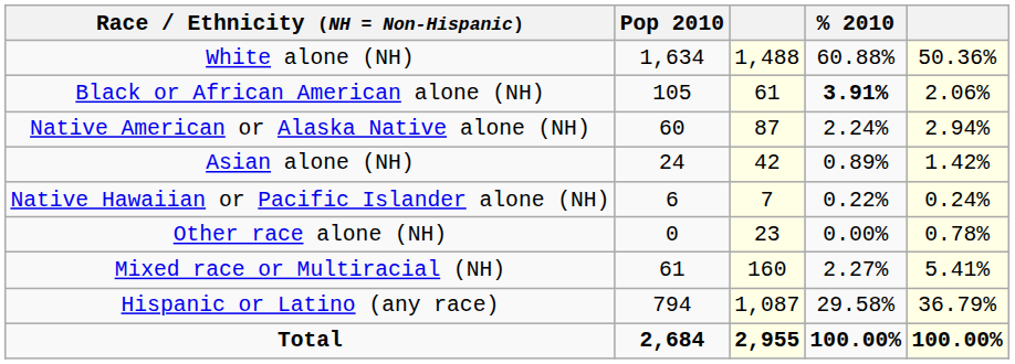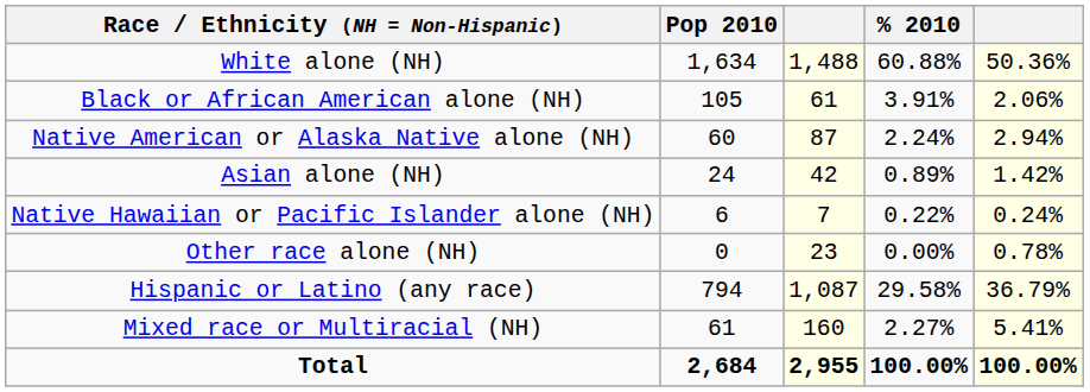 <table class="wikitable" style="text-align:center;">
 <tr>
 <th>Race / Ethnicity <small>(<em>NH = Non-Hispanic</em>)</small></th>
 <th>Pop 2010</th>
 <th></th>
 <th>% 2010</th>
 <th></th>
 </tr>
 <tr>
 <td><a href='#'>White</a> alone (NH)</td>
 <td>1,634</td>
 <td style='background: #ffffe6;'>1,488</td>
 <td>60.88%</td>
 <td style='background: #ffffe6;'>50.36%</td>
 </tr>
 <tr>
 <td><a href='#'>Black or African American</a> alone (NH)</td>
 <td>105</td>
 <td style='background: #ffffe6;'>61</td>
-<td><strong>3.91%</strong></td>
+<td>3.91%</td>
 <td style='background: #ffffe6;'>2.06%</td>
 </tr>
 <tr>
 <td><a href='#'>Native American</a> or <a href='#'>Alaska Native</a> alone (NH)</td>
 <td>60</td>
 <td style='background: #ffffe6;'>87</td>
 <td>2.24%</td>
 <td style='background: #ffffe6;'>2.94%</td>
 </tr>
 <tr>
 <td><a href='#'>Asian</a> alone (NH)</td>
 <td>24</td>
 <td style='background: #ffffe6;'>42</td>
 <td>0.89%</td>
 <td style='background: #ffffe6;'>1.42%</td>
 </tr>
 <tr>
 <td><a href='#'>Native Hawaiian</a> or <a href='#'>Pacific Islander</a> alone (NH)</td>
 <td>6</td>
 <td style='background: #ffffe6;'>7</td>
 <td>0.22%</td>
 <td style='background: #ffffe6;'>0.24%</td>
 </tr>
 <tr>
 <td><a href='#'>Other race</a> alone (NH)</td>
 <td>0</td>
 <td style='background: #ffffe6;'>23</td>
 <td>0.00%</td>
 <td style='background: #ffffe6;'>0.78%</td>
 </tr>
 <tr>
+<td><a href='#'>Hispanic or Latino</a> (any race)</td>
+<td>794</td>
+<td style='background: #ffffe6;'>1,087</td>
+<td>29.58%</td>
+<td style='background: #ffffe6;'>36.79%</td>
+</tr>
+<tr>
 <td><a href='#'>Mixed race or Multiracial</a> (NH)</td>
 <td>61</td>
 <td style='background: #ffffe6;'>160</td>
 <td>2.27%</td>
 <td style='background: #ffffe6;'>5.41%</td>
-</tr>
-<tr>
-<td><a href='#'>Hispanic or Latino</a> (any race)</td>
-<td>794</td>
-<td style='background: #ffffe6;'>1,087</td>
-<td>29.58%</td>
-<td style='background: #ffffe6;'>36.79%</td>
 </tr>
 <tr>
 <td><strong>Total</strong></td>
 <td><strong>2,684</strong></td>
 <td style='background: #ffffe6;'><strong>2,955</strong></td>
 <td><strong>100.00%</strong></td>
 <td style='background: #ffffe6;'><strong>100.00%</strong></td>
 </tr>
 </table>
